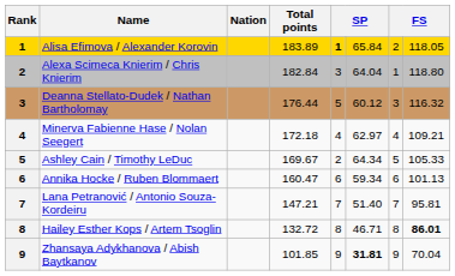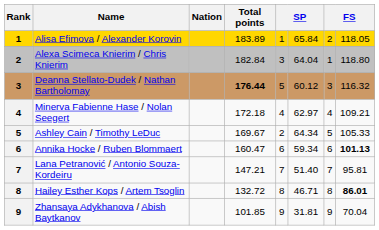 <table class="wikitable sortable">
 <tr>
 <th>Rank</th>
 <th>Name</th>
 <th>Nation</th>
 <th>Total points</th>
 <th colspan="2" width="80px"><a href='#'>SP</a></th>
 <th colspan="2" width="80px"><a href='#'>FS</a></th>
 </tr>
 <tr bgcolor="gold">
 <td align="center"><strong>1</strong></td>
 <td><a href='#'>Alisa Efimova</a> / <a href='#'>Alexander Korovin</a></td>
 <td></td>
 <td align="center">183.89</td>
-<td align="center"><strong>1</strong></td>
+<td align="center">1</td>
 <td align="center">65.84</td>
 <td align="center">2</td>
 <td align="center">118.05</td>
 </tr>
 <tr bgcolor="silver">
 <td align="center"><strong>2</strong></td>
 <td><a href='#'>Alexa Scimeca Knierim</a> / <a href='#'>Chris Knierim</a></td>
 <td></td>
 <td align="center">182.84</td>
 <td align="center">3</td>
 <td align="center">64.04</td>
 <td align="center">1</td>
 <td align="center">118.80</td>
 </tr>
 <tr bgcolor="cc9966">
 <td align="center"><strong>3</strong></td>
 <td><a href='#'>Deanna Stellato-Dudek</a> / <a href='#'>Nathan Bartholomay</a></td>
 <td></td>
-<td align="center">176.44</td>
+<td align="center"><strong>176.44</strong></td>
 <td align="center">5</td>
 <td align="center">60.12</td>
 <td align="center">3</td>
 <td align="center">116.32</td>
 </tr>
 <tr>
 <th>4</th>
 <td><a href='#'>Minerva Fabienne Hase</a> / <a href='#'>Nolan Seegert</a></td>
 <td></td>
 <td align="center">172.18</td>
 <td align="center">4</td>
 <td align="center">62.97</td>
 <td align="center">4</td>
 <td align="center">109.21</td>
 </tr>
 <tr>
 <th>5</th>
 <td><a href='#'>Ashley Cain</a> / <a href='#'>Timothy LeDuc</a></td>
 <td></td>
 <td align="center">169.67</td>
 <td align="center">2</td>
 <td align="center">64.34</td>
 <td align="center">5</td>
 <td align="center">105.33</td>
 </tr>
 <tr>
 <th>6</th>
 <td><a href='#'>Annika Hocke</a> / <a href='#'>Ruben Blommaert</a></td>
 <td></td>
 <td align="center">160.47</td>
 <td align="center">6</td>
 <td align="center">59.34</td>
 <td align="center">6</td>
-<td align="center">101.13</td>
+<td align="center"><strong>101.13</strong></td>
 </tr>
 <tr>
 <th>7</th>
 <td><a href='#'>Lana Petranović</a> / <a href='#'>Antonio Souza-Kordeiru</a></td>
 <td></td>
 <td align="center">147.21</td>
 <td align="center">7</td>
 <td align="center">51.40</td>
 <td align="center">7</td>
 <td align="center">95.81</td>
 </tr>
 <tr>
 <th>8</th>
 <td><a href='#'>Hailey Esther Kops</a> / <a href='#'>Artem Tsoglin</a></td>
 <td></td>
 <td align="center">132.72</td>
 <td align="center">8</td>
 <td align="center">46.71</td>
 <td align="center">8</td>
 <td align="center"><strong>86.01</strong></td>
 </tr>
 <tr>
 <th>9</th>
 <td><a href='#'>Zhansaya Adykhanova</a> / <a href='#'>Abish Baytkanov</a></td>
 <td></td>
 <td align="center">101.85</td>
 <td align="center">9</td>
-<td align="center"><strong>31.81</strong></td>
+<td align="center">31.81</td>
 <td align="center">9</td>
 <td align="center">70.04</td>
 </tr>
 </table>
